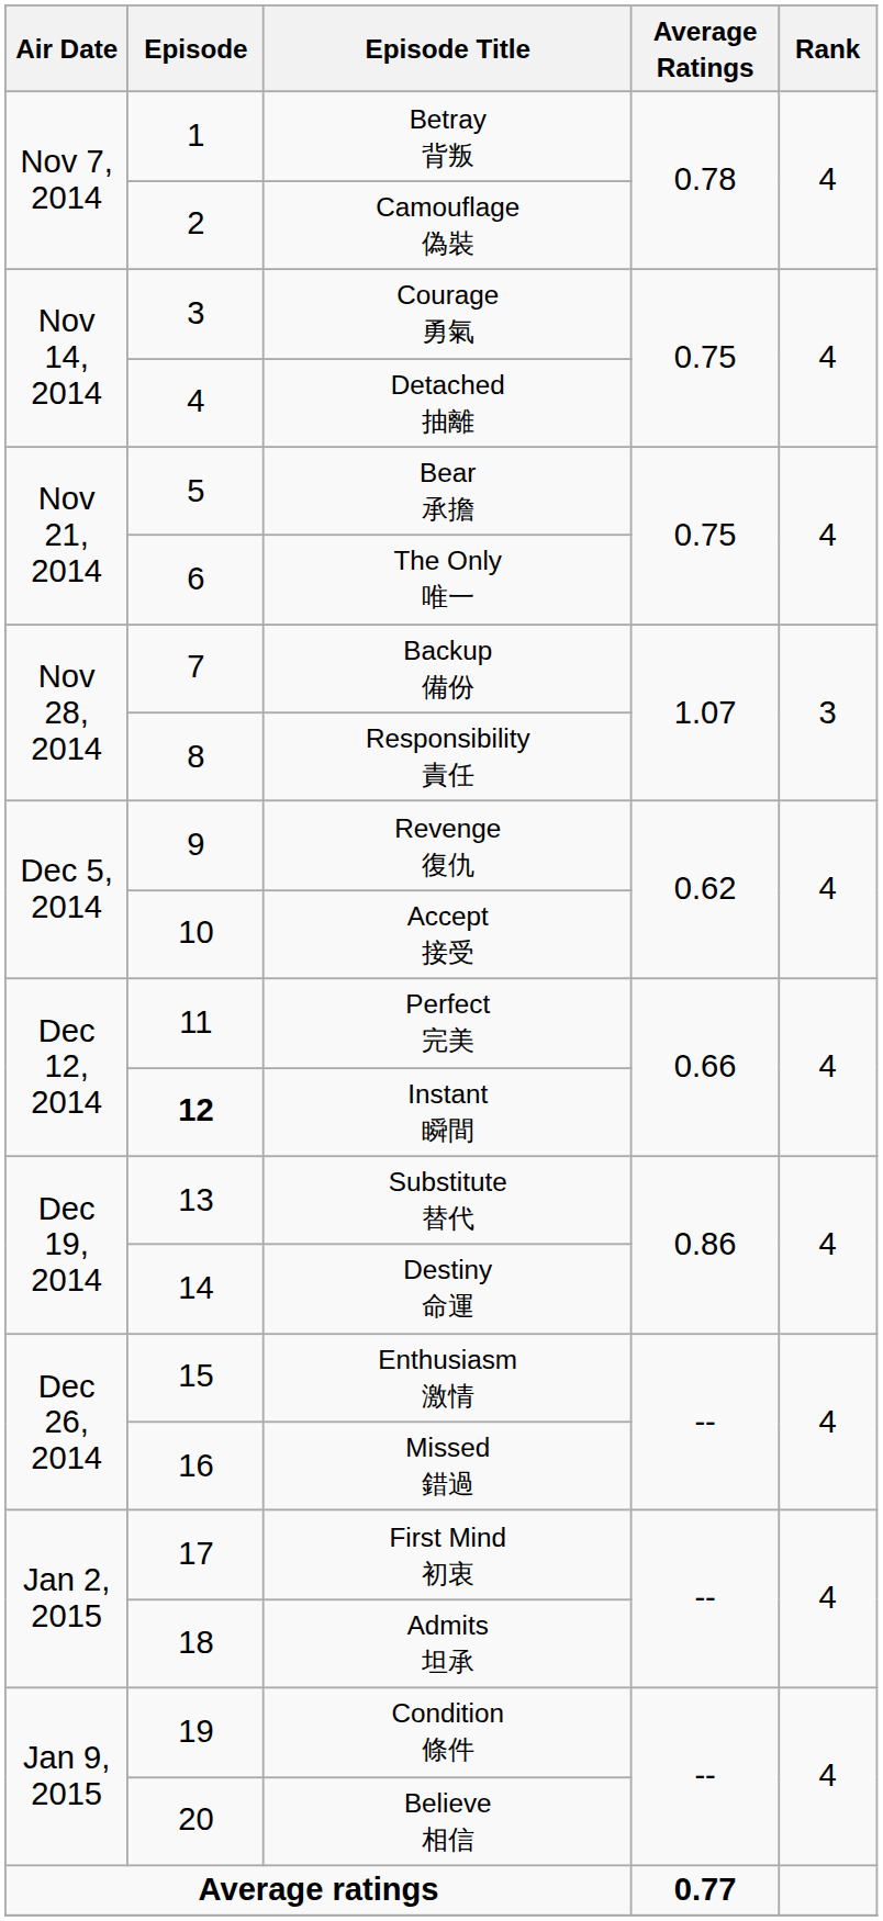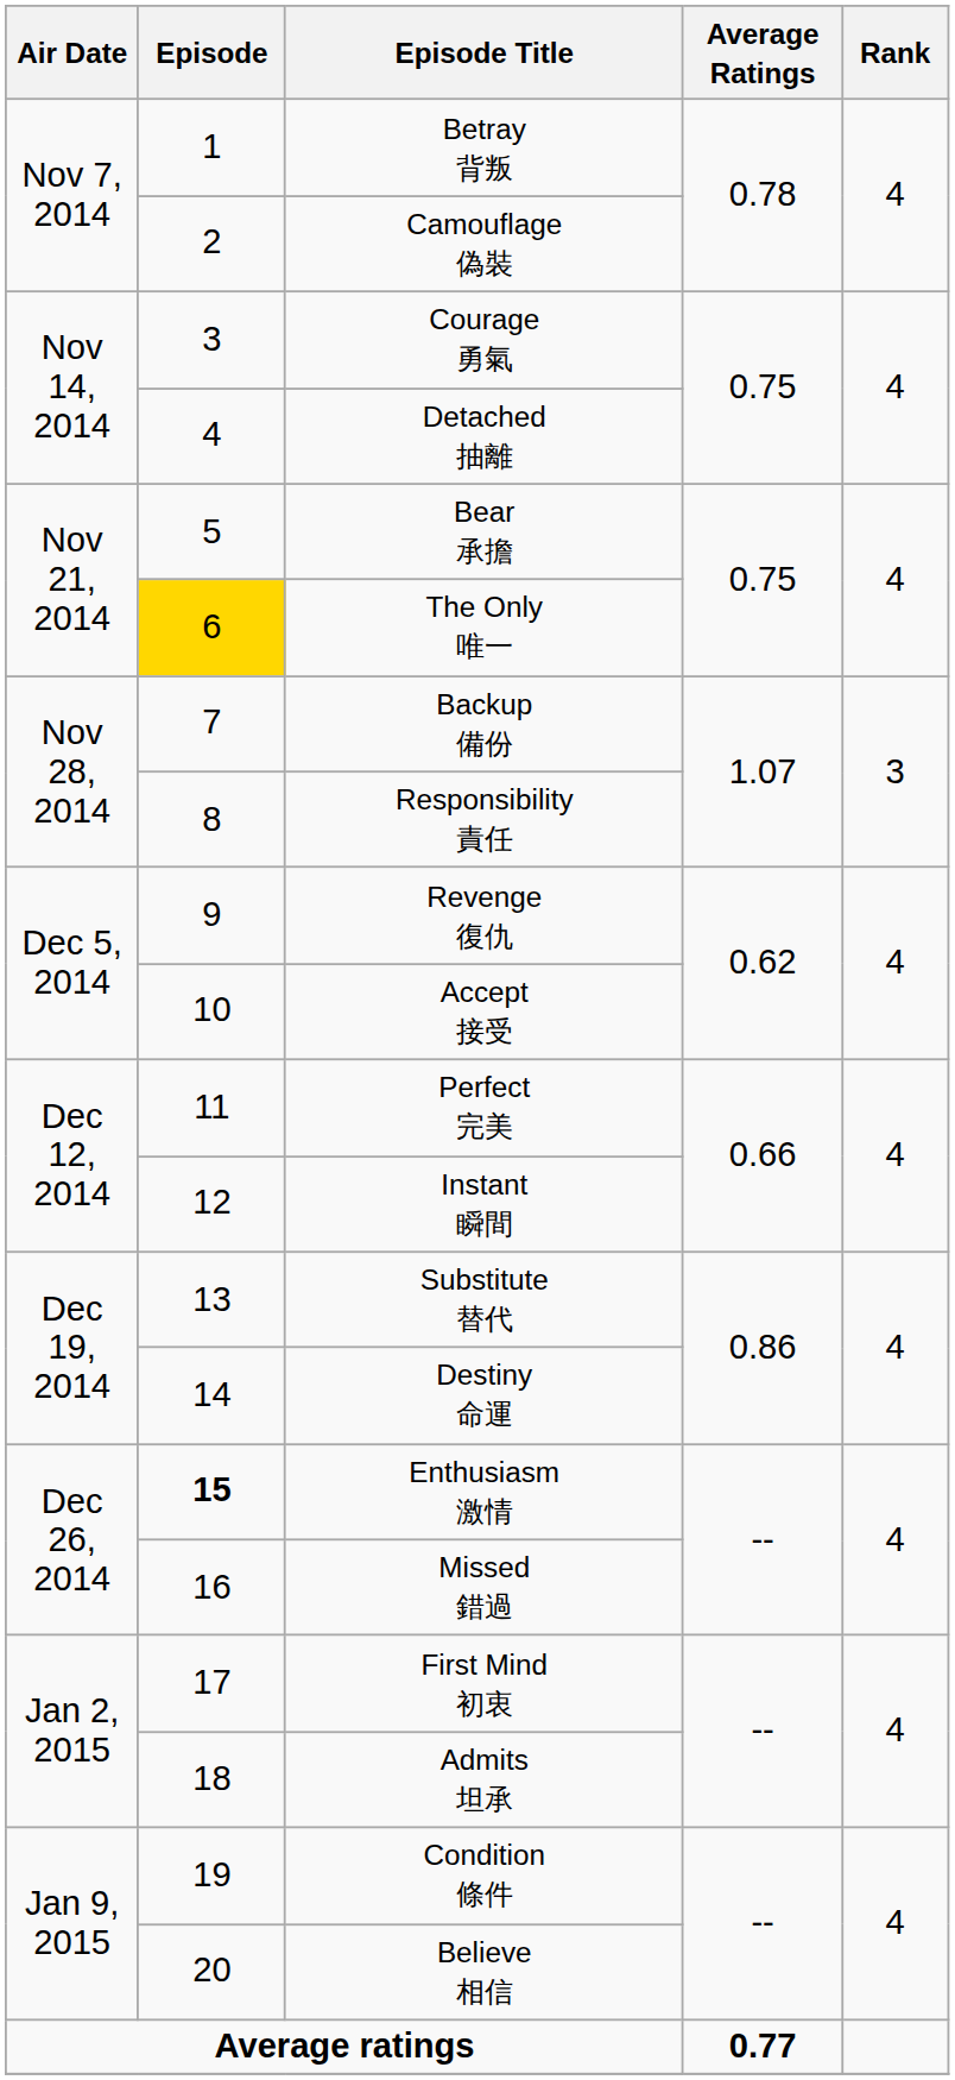 <table class="wikitable" style="text-align:center;width:70%;">
 <tr>
 <th width="10%"><small><strong>Air Date</strong></small></th>
 <th width="5%"><small><strong>Episode</strong></small></th>
 <th width="30%"><small>Episode Title</small></th>
 <th width="8%"><small><strong>Average Ratings</strong></small></th>
 <th width="5%"><small><strong>Rank</strong></small></th>
 </tr>
 <tr>
 <td rowspan=2>Nov 7, 2014</td>
 <td>1</td>
 <td><small>Betray<br>背叛</small></td>
 <td rowspan=2>0.78</td>
 <td rowspan=2>4</td>
 </tr>
 <tr>
 <td>2</td>
 <td><small>Camouflage<br>偽裝</small></td>
 </tr>
 <tr>
 <td rowspan=2>Nov 14, 2014</td>
 <td>3</td>
 <td><small>Courage<br>勇氣</small></td>
 <td rowspan=2>0.75</td>
 <td rowspan=2>4</td>
 </tr>
 <tr>
 <td>4</td>
 <td><small>Detached<br>抽離</small></td>
 </tr>
 <tr>
 <td rowspan=2>Nov 21, 2014</td>
 <td>5</td>
 <td><small>Bear<br>承擔</small></td>
 <td rowspan=2>0.75</td>
 <td rowspan=2>4</td>
 </tr>
 <tr>
-<td>6</td>
+<td style="background: gold;">6</td>
 <td><small>The Only<br>唯一</small></td>
 </tr>
 <tr>
 <td rowspan=2>Nov 28, 2014</td>
 <td>7</td>
 <td><small>Backup<br>備份</small></td>
 <td rowspan=2>1.07</td>
 <td rowspan=2>3</td>
 </tr>
 <tr>
 <td>8</td>
 <td><small>Responsibility<br>責任</small></td>
 </tr>
 <tr>
 <td rowspan=2>Dec 5, 2014</td>
 <td>9</td>
 <td><small>Revenge<br>復仇</small></td>
 <td rowspan=2>0.62</td>
 <td rowspan=2>4</td>
 </tr>
 <tr>
 <td>10</td>
 <td><small>Accept<br>接受</small></td>
 </tr>
 <tr>
 <td rowspan=2>Dec 12, 2014</td>
 <td>11</td>
 <td><small>Perfect<br>完美</small></td>
 <td rowspan=2>0.66</td>
 <td rowspan=2>4</td>
 </tr>
 <tr>
-<td><strong>12</strong></td>
+<td>12</td>
 <td><small>Instant<br>瞬間</small></td>
 </tr>
 <tr>
 <td rowspan=2>Dec 19, 2014</td>
 <td>13</td>
 <td><small>Substitute<br>替代</small></td>
 <td rowspan=2>0.86</td>
 <td rowspan=2>4</td>
 </tr>
 <tr>
 <td>14</td>
 <td><small>Destiny<br>命運</small></td>
 </tr>
 <tr>
 <td rowspan=2>Dec 26, 2014</td>
-<td>15</td>
+<td><strong>15</strong></td>
 <td><small>Enthusiasm<br>激情</small></td>
 <td rowspan=2>--</td>
 <td rowspan=2>4</td>
 </tr>
 <tr>
 <td>16</td>
 <td><small>Missed<br>錯過</small></td>
 </tr>
 <tr>
 <td rowspan=2>Jan 2, 2015</td>
 <td>17</td>
 <td><small>First Mind<br>初衷</small></td>
 <td rowspan=2>--</td>
 <td rowspan=2>4</td>
 </tr>
 <tr>
 <td>18</td>
 <td><small>Admits<br>坦承</small></td>
 </tr>
 <tr>
 <td rowspan=2>Jan 9, 2015</td>
 <td>19</td>
 <td><small>Condition<br>條件</small></td>
 <td rowspan=2>--</td>
 <td rowspan=2>4</td>
 </tr>
 <tr>
 <td>20</td>
 <td><small>Believe<br>相信</small></td>
 </tr>
 <tr>
 <td colspan=3><strong>Average ratings</strong></td>
 <td><strong>0.77</strong></td>
 <td></td>
 </tr>
 <tr>
 </tr>
 </table>
